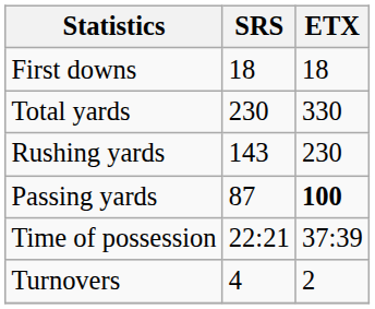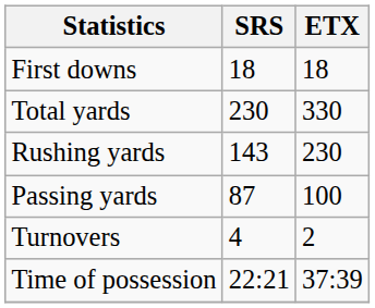 <table class="wikitable" style="float: left;">
 <tr>
 <th>Statistics</th>
 <th>SRS</th>
 <th>ETX</th>
 </tr>
 <tr>
 <td>First downs</td>
 <td>18</td>
 <td>18</td>
 </tr>
 <tr>
 <td>Total yards</td>
 <td>230</td>
 <td>330</td>
 </tr>
 <tr>
 <td>Rushing yards</td>
 <td>143</td>
 <td>230</td>
 </tr>
 <tr>
 <td>Passing yards</td>
 <td>87</td>
-<td><strong>100</strong></td>
+<td>100</td>
+</tr>
+<tr>
+<td>Turnovers</td>
+<td>4</td>
+<td>2</td>
 </tr>
 <tr>
 <td>Time of possession</td>
 <td>22:21</td>
 <td>37:39</td>
 </tr>
 <tr>
-<td>Turnovers</td>
-<td>4</td>
-<td>2</td>
-</tr>
-<tr>
 </tr>
 </table>
